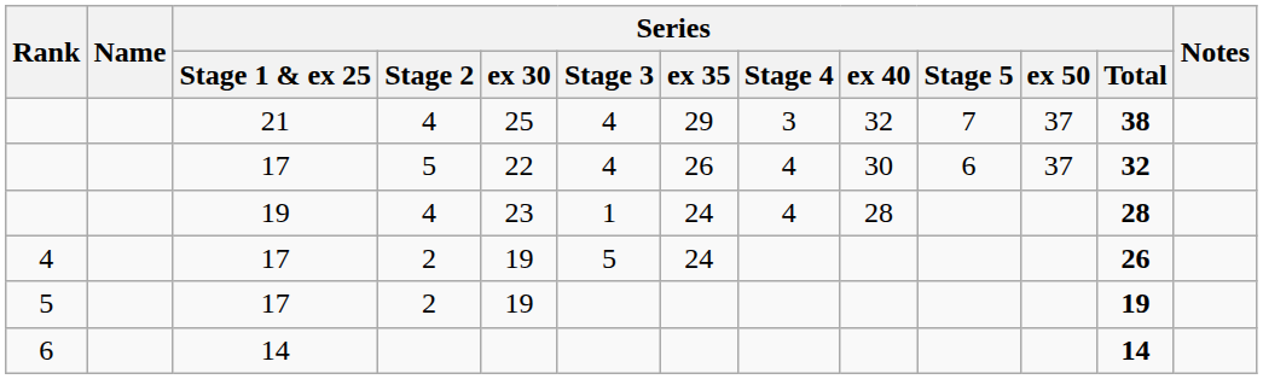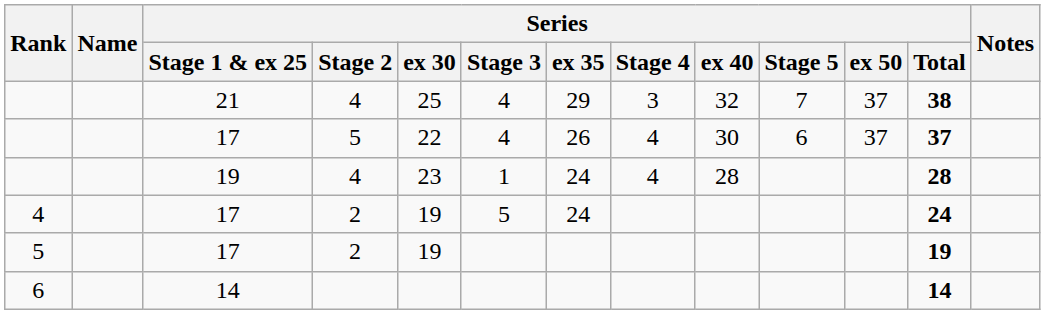 <table class="wikitable sortable" style="text-align:center">
 <tr>
 <th rowspan=2>Rank</th>
 <th rowspan=2>Name</th>
 <th colspan=10>Series</th>
 <th rowspan=2>Notes</th>
 </tr>
 <tr>
 <th>Stage 1 & ex 25</th>
 <th>Stage 2</th>
 <th>ex 30</th>
 <th>Stage 3</th>
 <th>ex 35</th>
 <th>Stage 4</th>
 <th>ex 40</th>
 <th>Stage 5</th>
 <th>ex 50</th>
 <th>Total</th>
 </tr>
 <tr>
 <td></td>
 <td align=left></td>
 <td>21</td>
 <td>4</td>
 <td>25</td>
 <td>4</td>
 <td>29</td>
 <td>3</td>
 <td>32</td>
 <td>7</td>
 <td>37</td>
 <td><strong>38</strong></td>
 <td></td>
 </tr>
 <tr>
 <td></td>
 <td align=left></td>
 <td>17</td>
 <td>5</td>
 <td>22</td>
 <td>4</td>
 <td>26</td>
 <td>4</td>
 <td>30</td>
 <td>6</td>
 <td>37</td>
-<td><strong>32</strong></td>
+<td><strong>37</strong></td>
 <td></td>
 </tr>
 <tr>
 <td></td>
 <td align=left></td>
 <td>19</td>
 <td>4</td>
 <td>23</td>
 <td>1</td>
 <td>24</td>
 <td>4</td>
 <td>28</td>
 <td></td>
 <td></td>
 <td><strong>28</strong></td>
 <td></td>
 </tr>
 <tr>
 <td>4</td>
 <td align=left></td>
 <td>17</td>
 <td>2</td>
 <td>19</td>
 <td>5</td>
 <td>24</td>
 <td></td>
 <td></td>
 <td></td>
 <td></td>
-<td><strong>26</strong></td>
+<td><strong>24</strong></td>
 <td></td>
 </tr>
 <tr>
 <td>5</td>
 <td align=left></td>
 <td>17</td>
 <td>2</td>
 <td>19</td>
 <td></td>
 <td></td>
 <td></td>
 <td></td>
 <td></td>
 <td></td>
 <td><strong>19</strong></td>
 <td></td>
 </tr>
 <tr>
 <td>6</td>
 <td align=left></td>
 <td>14</td>
 <td></td>
 <td></td>
 <td></td>
 <td></td>
 <td></td>
 <td></td>
 <td></td>
 <td></td>
 <td><strong>14</strong></td>
 <td></td>
 </tr>
 </table>
